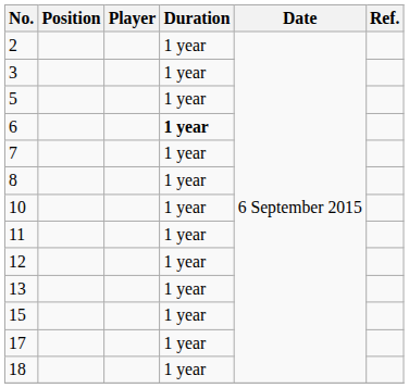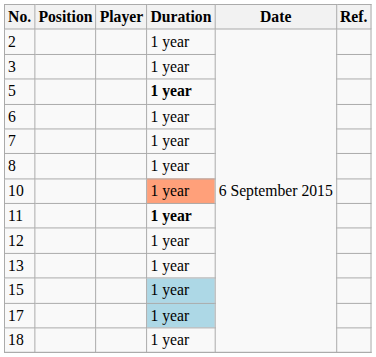 <table class="wikitable">
 <tr>
 <th scope="col">No.</th>
 <th scope="col">Position</th>
 <th scope="col">Player</th>
 <th scope="col">Duration</th>
 <th scope="col">Date</th>
 <th scope="col">Ref.</th>
 </tr>
 <tr>
 <td>2</td>
 <td></td>
 <td align="left"></td>
 <td>1 year</td>
 <td rowspan="13">6 September 2015</td>
 <td></td>
 </tr>
 <tr>
 <td>3</td>
 <td></td>
 <td align="left"></td>
 <td>1 year</td>
 <td></td>
 </tr>
 <tr>
 <td>5</td>
 <td></td>
 <td align="left"></td>
-<td>1 year</td>
+<td><strong>1 year</strong></td>
 <td></td>
 </tr>
 <tr>
 <td>6</td>
 <td></td>
 <td align="left"></td>
-<td><strong>1 year</strong></td>
+<td>1 year</td>
 <td></td>
 </tr>
 <tr>
 <td>7</td>
 <td></td>
 <td align="left"></td>
 <td>1 year</td>
 <td></td>
 </tr>
 <tr>
 <td>8</td>
 <td></td>
 <td align="left"></td>
 <td>1 year</td>
 <td></td>
 </tr>
 <tr>
 <td>10</td>
 <td></td>
 <td align="left"></td>
-<td>1 year</td>
+<td style="background: lightsalmon;">1 year</td>
 <td></td>
 </tr>
 <tr>
 <td>11</td>
 <td></td>
 <td align="left"></td>
-<td>1 year</td>
+<td><strong>1 year</strong></td>
 <td></td>
 </tr>
 <tr>
 <td>12</td>
 <td></td>
 <td align="left"></td>
 <td>1 year</td>
 <td></td>
 </tr>
 <tr>
 <td>13</td>
 <td></td>
 <td align="left"></td>
 <td>1 year</td>
 <td></td>
 </tr>
 <tr>
 <td>15</td>
 <td></td>
 <td align="left"></td>
-<td>1 year</td>
+<td style="background: lightblue;">1 year</td>
 <td></td>
 </tr>
 <tr>
 <td>17</td>
 <td></td>
 <td align="left"></td>
-<td>1 year</td>
+<td style="background: lightblue;">1 year</td>
 <td></td>
 </tr>
 <tr>
 <td>18</td>
 <td></td>
 <td align="left"></td>
 <td>1 year</td>
 <td></td>
 </tr>
 <tr>
 </tr>
 </table>
